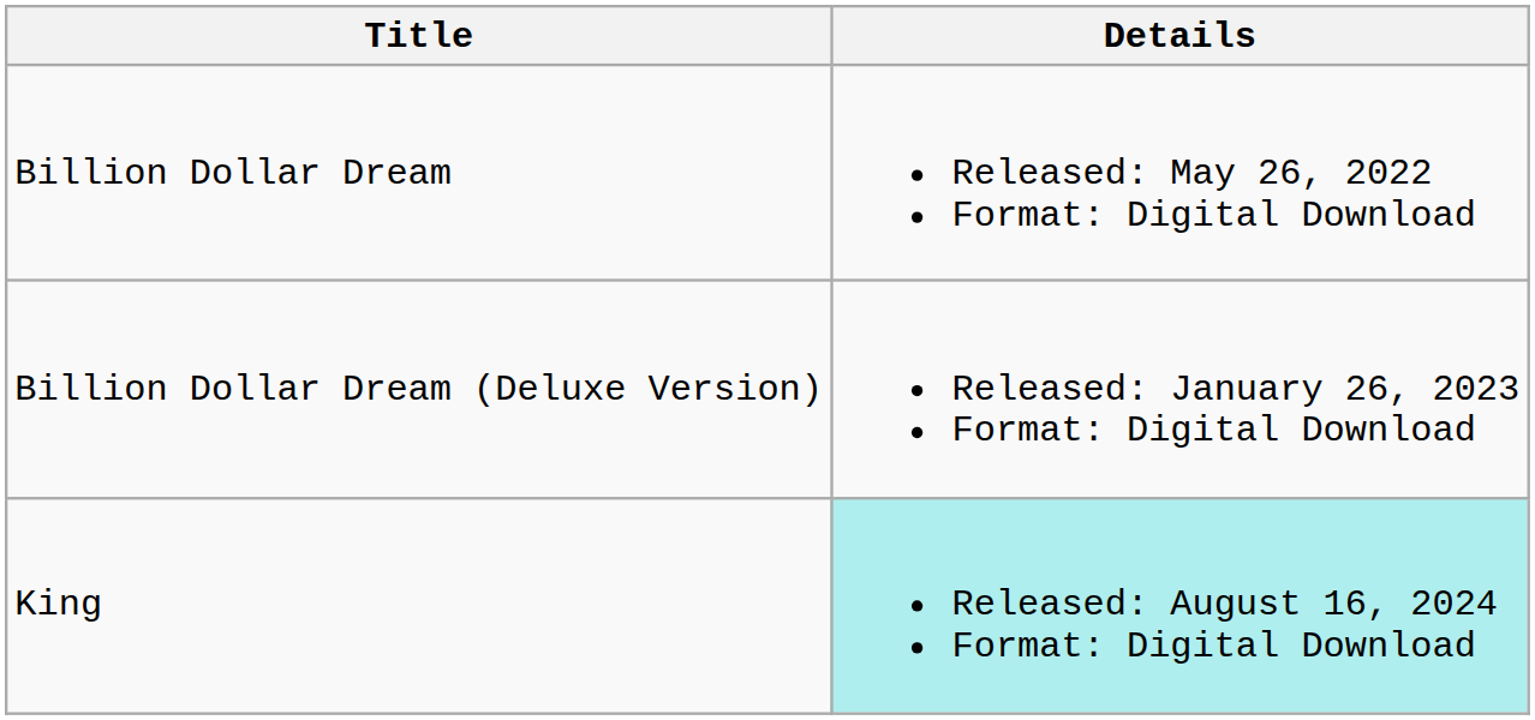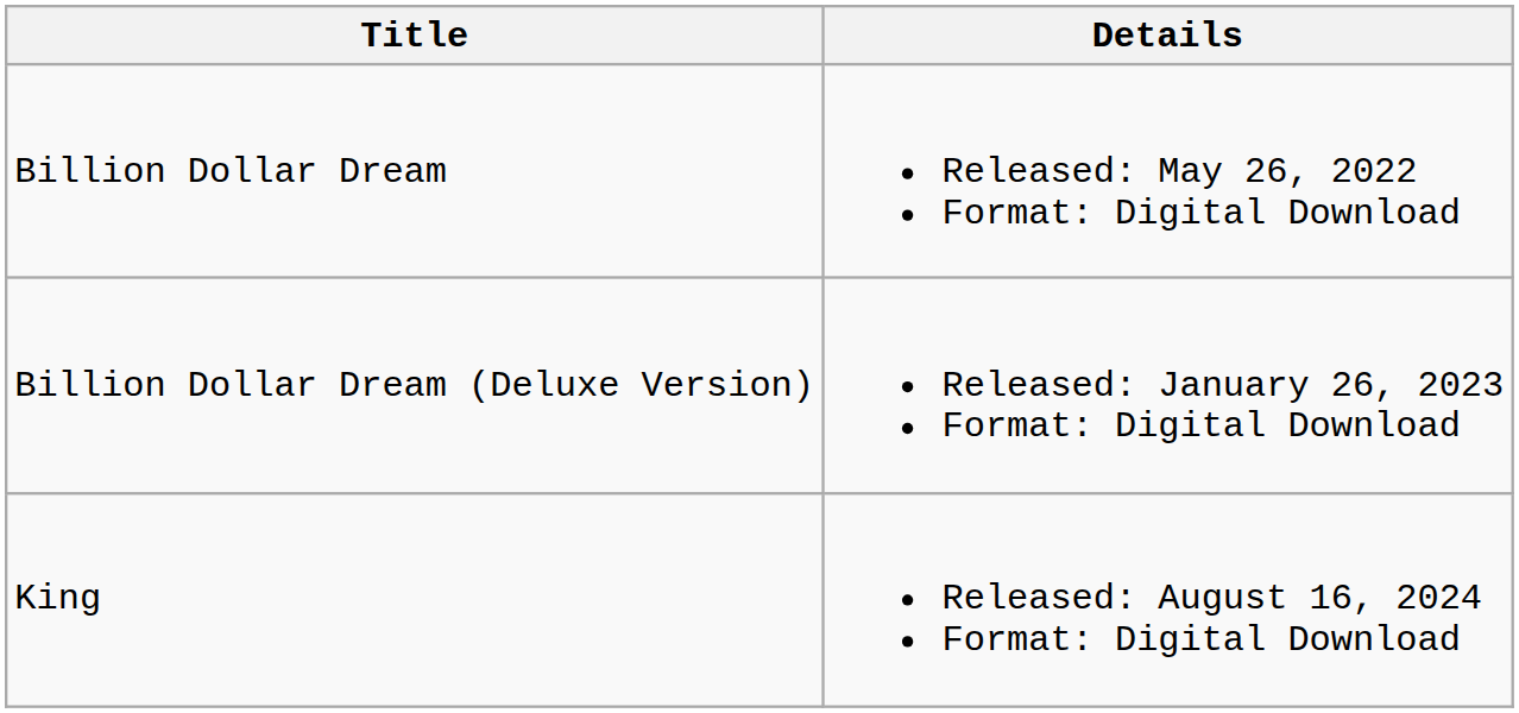 <table class="wikitable">
 <tr>
 <th>Title</th>
 <th>Details</th>
 </tr>
 <tr>
 <td>Billion Dollar Dream</td>
 <td><br><ul><li>Released: May 26, 2022</li><li>Format: Digital Download</li></ul></td>
 </tr>
 <tr>
 <td>Billion Dollar Dream (Deluxe Version)</td>
 <td><br><ul><li>Released: January 26, 2023</li><li>Format: Digital Download</li></ul></td>
 </tr>
 <tr>
 <td>King</td>
-<td style="background: paleturquoise;"><br><ul><li>Released: August 16, 2024</li><li>Format: Digital Download</li></ul></td>
+<td><br><ul><li>Released: August 16, 2024</li><li>Format: Digital Download</li></ul></td>
 </tr>
 </table>
